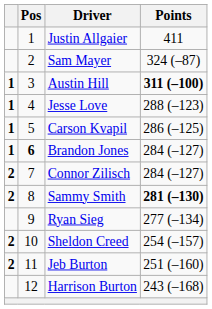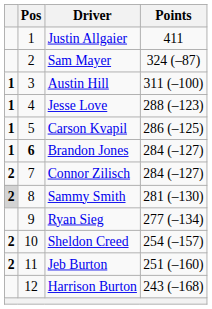 <table class="wikitable" style="font-size: 95%;">
 <tr>
 <th></th>
 <th>Pos</th>
 <th>Driver</th>
 <th>Points</th>
 </tr>
 <tr>
 <td align="left"></td>
 <td style="text-align:center;">1</td>
 <td><a href='#'>Justin Allgaier</a></td>
 <td style="text-align:center;">411</td>
 </tr>
 <tr>
 <td align="left"></td>
 <td style="text-align:center;">2</td>
 <td><a href='#'>Sam Mayer</a></td>
 <td style="text-align:center;">324 (–87)</td>
 </tr>
 <tr>
 <td align="left"> <strong>1</strong></td>
 <td style="text-align:center;">3</td>
 <td><a href='#'>Austin Hill</a></td>
-<td style="text-align:center;"><strong>311 (–100)</strong></td>
+<td style="text-align:center;">311 (–100)</td>
 </tr>
 <tr>
 <td align="left"> <strong>1</strong></td>
 <td style="text-align:center;">4</td>
 <td><a href='#'>Jesse Love</a></td>
 <td style="text-align:center;">288 (–123)</td>
 </tr>
 <tr>
 <td align="left"> <strong>1</strong></td>
 <td style="text-align:center;">5</td>
 <td><a href='#'>Carson Kvapil</a></td>
 <td style="text-align:center;">286 (–125)</td>
 </tr>
 <tr>
 <td align="left"> <strong>1</strong></td>
 <td style="text-align:center;"><strong>6</strong></td>
 <td><a href='#'>Brandon Jones</a></td>
 <td style="text-align:center;">284 (–127)</td>
 </tr>
 <tr>
 <td align="left"> <strong>2</strong></td>
 <td style="text-align:center;">7</td>
 <td><a href='#'>Connor Zilisch</a></td>
 <td style="text-align:center;">284 (–127)</td>
 </tr>
 <tr>
-<td align="left"> <strong>2</strong></td>
+<td align="left" style="background: lightgrey;"> <strong>2</strong></td>
 <td style="text-align:center;">8</td>
 <td><a href='#'>Sammy Smith</a></td>
-<td style="text-align:center;"><strong>281 (–130)</strong></td>
+<td style="text-align:center;">281 (–130)</td>
 </tr>
 <tr>
 <td align="left"></td>
 <td style="text-align:center;">9</td>
 <td><a href='#'>Ryan Sieg</a></td>
 <td style="text-align:center;">277 (–134)</td>
 </tr>
 <tr>
 <td align="left"> <strong>2</strong></td>
 <td style="text-align:center;">10</td>
 <td><a href='#'>Sheldon Creed</a></td>
 <td style="text-align:center;">254 (–157)</td>
 </tr>
 <tr>
 <td align="left"> <strong>2</strong></td>
 <td style="text-align:center;">11</td>
 <td><a href='#'>Jeb Burton</a></td>
 <td style="text-align:center;">251 (–160)</td>
 </tr>
 <tr>
 <td align="left"></td>
 <td style="text-align:center;">12</td>
 <td><a href='#'>Harrison Burton</a></td>
 <td style="text-align:center;">243 (–168)</td>
 </tr>
 <tr class="sortbottom">
 <th colspan="9"></th>
 </tr>
 </table>
